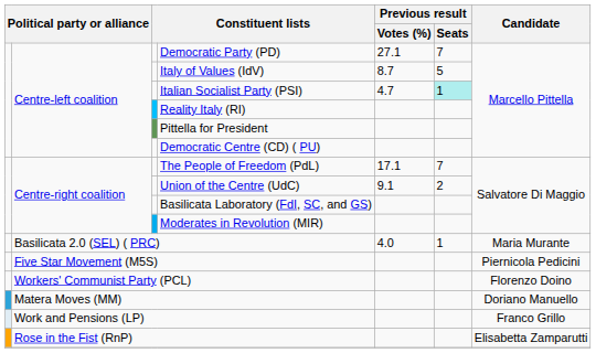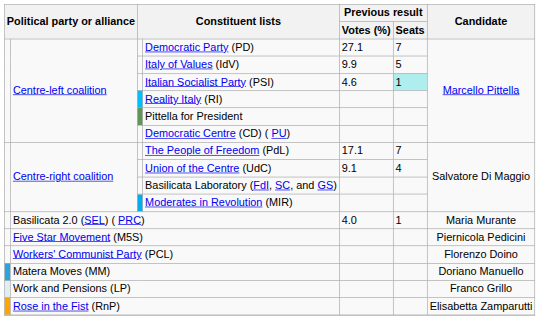 <table class="wikitable" style="text-align:left">
 <tr>
 <th colspan="2" rowspan="2">Political party or alliance</th>
 <th colspan="2" rowspan="2">Constituent lists</th>
 <th colspan="2">Previous result</th>
 <th colspan="2" rowspan="2">Candidate</th>
 </tr>
 <tr>
 <th>Votes (%)</th>
 <th>Seats</th>
 </tr>
 <tr>
 <td rowspan="6"></td>
 <td rowspan="6"><a href='#'>Centre-left coalition</a></td>
 <td></td>
 <td><a href='#'>Democratic Party</a> (PD)</td>
 <td>27.1</td>
 <td>7</td>
 <td rowspan="6" style="text-align:center;"><a href='#'>Marcello Pittella</a></td>
 </tr>
 <tr>
 <td></td>
 <td><a href='#'>Italy of Values</a> (IdV)</td>
-<td>8.7</td>
+<td>9.9</td>
 <td>5</td>
 </tr>
 <tr>
 <td></td>
 <td><a href='#'>Italian Socialist Party</a> (PSI)</td>
-<td>4.7</td>
+<td>4.6</td>
 <td style="background: paleturquoise;">1</td>
 </tr>
 <tr>
 <td bgcolor="00BFFF"></td>
 <td><a href='#'>Reality Italy</a> (RI)</td>
 <td></td>
 <td></td>
 </tr>
 <tr>
 <td bgcolor="5F9556"></td>
 <td>Pittella for President</td>
 <td></td>
 <td></td>
 </tr>
 <tr>
 <td></td>
 <td><a href='#'>Democratic Centre</a> (CD) ( <a href='#'>PU</a>)</td>
 <td></td>
 <td></td>
 </tr>
 <tr>
 <td rowspan="4"></td>
 <td rowspan="4"><a href='#'>Centre-right coalition</a></td>
 <td></td>
 <td><a href='#'>The People of Freedom</a> (PdL)</td>
 <td>17.1</td>
 <td>7</td>
 <td rowspan="4" style="text-align:center;">Salvatore Di Maggio</td>
 </tr>
 <tr>
 <td></td>
 <td><a href='#'>Union of the Centre</a>  (UdC)</td>
 <td>9.1</td>
-<td>2</td>
+<td>4</td>
 </tr>
 <tr>
 <td></td>
 <td>Basilicata Laboratory (<a href='#'>FdI</a>, <a href='#'>SC</a>, and <a href='#'>GS</a>)</td>
 <td></td>
 <td></td>
 </tr>
 <tr>
 <td bgcolor="00ADEF"></td>
 <td><a href='#'>Moderates in Revolution</a> (MIR)</td>
 <td></td>
 <td></td>
 </tr>
 <tr>
 <td></td>
 <td colspan="3">Basilicata 2.0 (<a href='#'>SEL</a>) ( <a href='#'>PRC</a>)</td>
 <td>4.0</td>
 <td>1</td>
 <td style="text-align:center;">Maria Murante</td>
 </tr>
 <tr>
 <td></td>
 <td colspan="3"><a href='#'>Five Star Movement</a> (M5S)</td>
 <td></td>
 <td></td>
 <td style="text-align:center;">Piernicola Pedicini</td>
 </tr>
 <tr>
 <td></td>
 <td colspan="3"><a href='#'>Workers' Communist Party</a> (PCL)</td>
 <td></td>
 <td></td>
 <td style="text-align:center;">Florenzo Doino</td>
 </tr>
 <tr>
 <td bgcolor="2DA4D9"></td>
 <td colspan="3">Matera Moves (MM)</td>
 <td></td>
 <td></td>
 <td style="text-align:center;">Doriano Manuello</td>
 </tr>
 <tr>
 <td bgcolor="E0EDF5"></td>
 <td colspan="3">Work and Pensions (LP)</td>
 <td></td>
 <td></td>
 <td style="text-align:center;">Franco Grillo</td>
 </tr>
 <tr>
 <td bgcolor="orange"></td>
 <td colspan="3"><a href='#'>Rose in the Fist</a> (RnP)</td>
 <td></td>
 <td></td>
 <td style="text-align:center;">Elisabetta Zamparutti</td>
 </tr>
 <tr>
 </tr>
 </table>
